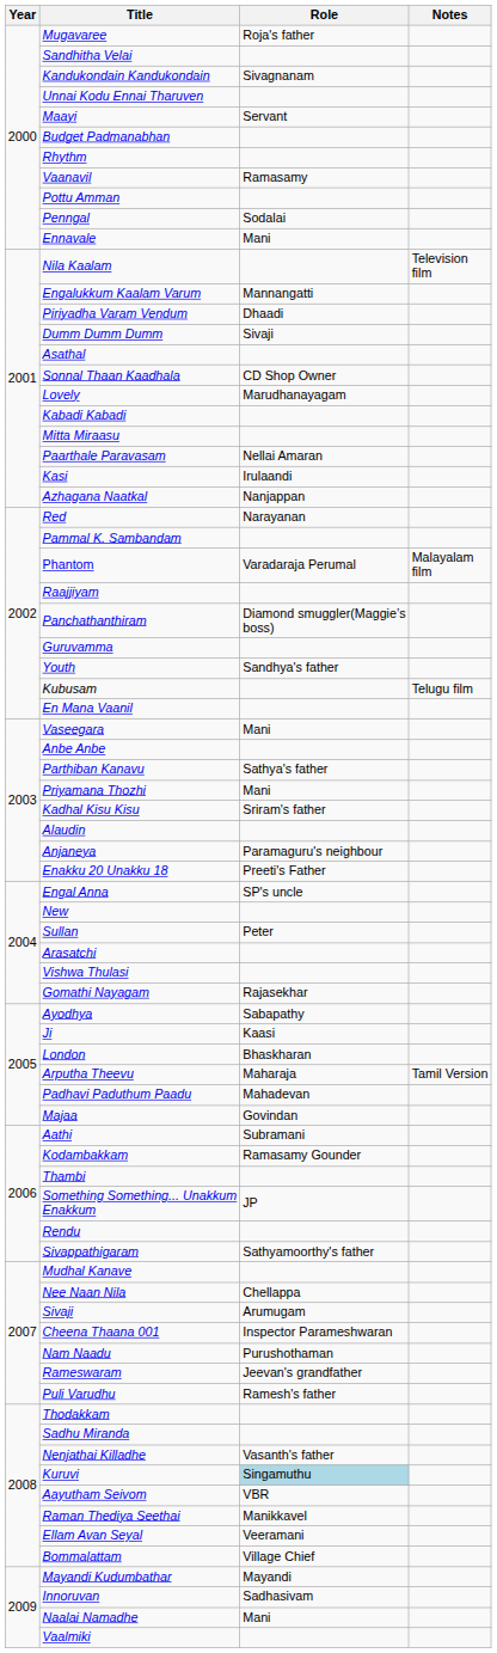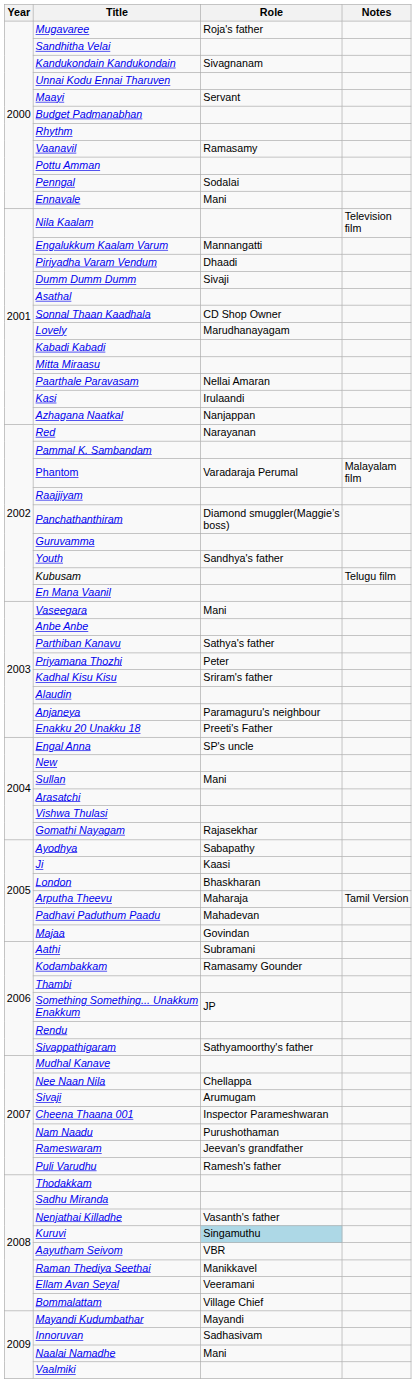 <table class="wikitable sortable plainrowheaders">
 <tr>
 <th scope="col">Year</th>
 <th scope="col">Title</th>
 <th scope="col">Role</th>
 <th scope="col" class="unsortable">Notes</th>
 </tr>
 <tr>
 <td rowspan="11">2000</td>
 <td><em><a href='#'>Mugavaree</a></em></td>
 <td>Roja's father</td>
 <td></td>
 </tr>
 <tr>
 <td><em><a href='#'>Sandhitha Velai</a></em></td>
 <td></td>
 <td></td>
 </tr>
 <tr>
 <td><em><a href='#'>Kandukondain Kandukondain</a></em></td>
 <td>Sivagnanam</td>
 <td></td>
 </tr>
 <tr>
 <td><em><a href='#'>Unnai Kodu Ennai Tharuven</a></em></td>
 <td></td>
 <td></td>
 </tr>
 <tr>
 <td><em><a href='#'>Maayi</a></em></td>
 <td>Servant</td>
 <td></td>
 </tr>
 <tr>
 <td><em><a href='#'>Budget Padmanabhan</a></em></td>
 <td></td>
 <td></td>
 </tr>
 <tr>
 <td><em><a href='#'>Rhythm</a></em></td>
 <td></td>
 <td></td>
 </tr>
 <tr>
 <td><em><a href='#'>Vaanavil</a></em></td>
 <td>Ramasamy</td>
 <td></td>
 </tr>
 <tr>
 <td><em><a href='#'>Pottu Amman</a></em></td>
 <td></td>
 <td></td>
 </tr>
 <tr>
 <td><em><a href='#'>Penngal</a></em></td>
 <td>Sodalai</td>
 <td></td>
 </tr>
 <tr>
 <td><em><a href='#'>Ennavale</a></em></td>
 <td>Mani</td>
 <td></td>
 </tr>
 <tr>
 <td rowspan="12">2001</td>
 <td><em><a href='#'>Nila Kaalam</a></em></td>
 <td></td>
 <td>Television film</td>
 </tr>
 <tr>
 <td><em><a href='#'>Engalukkum Kaalam Varum</a></em></td>
 <td>Mannangatti</td>
 <td></td>
 </tr>
 <tr>
 <td><em><a href='#'>Piriyadha Varam Vendum</a></em></td>
 <td>Dhaadi</td>
 <td></td>
 </tr>
 <tr>
 <td><em><a href='#'>Dumm Dumm Dumm</a></em></td>
 <td>Sivaji</td>
 <td></td>
 </tr>
 <tr>
 <td><em><a href='#'>Asathal</a></em></td>
 <td></td>
 <td></td>
 </tr>
 <tr>
 <td><em><a href='#'>Sonnal Thaan Kaadhala</a></em></td>
 <td>CD Shop Owner</td>
 <td></td>
 </tr>
 <tr>
 <td><em><a href='#'>Lovely</a></em></td>
 <td>Marudhanayagam</td>
 <td></td>
 </tr>
 <tr>
 <td><em><a href='#'>Kabadi Kabadi</a></em></td>
 <td></td>
 <td></td>
 </tr>
 <tr>
 <td><em><a href='#'>Mitta Miraasu</a></em></td>
 <td></td>
 <td></td>
 </tr>
 <tr>
 <td><em><a href='#'>Paarthale Paravasam</a></em></td>
 <td>Nellai Amaran</td>
 <td></td>
 </tr>
 <tr>
 <td><em><a href='#'>Kasi</a></em></td>
 <td>Irulaandi</td>
 <td></td>
 </tr>
 <tr>
 <td><em><a href='#'>Azhagana Naatkal</a></em></td>
 <td>Nanjappan</td>
 <td></td>
 </tr>
 <tr>
 <td rowspan="9">2002</td>
 <td><em><a href='#'>Red</a></em></td>
 <td>Narayanan</td>
 <td></td>
 </tr>
 <tr>
 <td><em><a href='#'>Pammal K. Sambandam</a></em></td>
 <td></td>
 <td></td>
 </tr>
 <tr>
 <td><em><a href='#'></em>Phantom<em></a></em></td>
 <td>Varadaraja Perumal</td>
 <td>Malayalam film</td>
 </tr>
 <tr>
 <td><em><a href='#'>Raajjiyam</a></em></td>
 <td></td>
 <td></td>
 </tr>
 <tr>
 <td><em><a href='#'>Panchathanthiram</a></em></td>
 <td>Diamond smuggler(Maggie’s boss)</td>
 <td></td>
 </tr>
 <tr>
 <td><em><a href='#'>Guruvamma</a></em></td>
 <td></td>
 <td></td>
 </tr>
 <tr>
 <td><em><a href='#'>Youth</a></em></td>
 <td>Sandhya's father</td>
 <td></td>
 </tr>
 <tr>
 <td><em>Kubusam</em></td>
 <td></td>
 <td>Telugu film</td>
 </tr>
 <tr>
 <td><em><a href='#'>En Mana Vaanil</a></em></td>
 <td></td>
 <td></td>
 </tr>
 <tr>
 <td rowspan="8">2003</td>
 <td><em><a href='#'>Vaseegara</a></em></td>
 <td>Mani</td>
 <td></td>
 </tr>
 <tr>
 <td><em><a href='#'>Anbe Anbe</a></em></td>
 <td></td>
 <td></td>
 </tr>
 <tr>
 <td><em><a href='#'>Parthiban Kanavu</a></em></td>
 <td>Sathya's father</td>
 <td></td>
 </tr>
 <tr>
 <td><em><a href='#'>Priyamana Thozhi</a></em></td>
-<td>Mani</td>
+<td>Peter</td>
 <td></td>
 </tr>
 <tr>
 <td><em><a href='#'>Kadhal Kisu Kisu</a></em></td>
 <td>Sriram's father</td>
 <td></td>
 </tr>
 <tr>
 <td><em><a href='#'>Alaudin</a></em></td>
 <td></td>
 <td></td>
 </tr>
 <tr>
 <td><em><a href='#'>Anjaneya</a></em></td>
 <td>Paramaguru's neighbour</td>
 <td></td>
 </tr>
 <tr>
 <td><em><a href='#'>Enakku 20 Unakku 18</a></em></td>
 <td>Preeti's Father</td>
 <td></td>
 </tr>
 <tr>
 <td rowspan="6">2004</td>
 <td><em><a href='#'>Engal Anna</a></em></td>
 <td>SP's uncle</td>
 <td></td>
 </tr>
 <tr>
 <td><em><a href='#'>New</a></em></td>
 <td></td>
 <td></td>
 </tr>
 <tr>
 <td><em><a href='#'>Sullan</a></em></td>
-<td>Peter</td>
+<td>Mani</td>
 <td></td>
 </tr>
 <tr>
 <td><em><a href='#'>Arasatchi</a></em></td>
 <td></td>
 <td></td>
 </tr>
 <tr>
 <td><em><a href='#'>Vishwa Thulasi</a></em></td>
 <td></td>
 <td></td>
 </tr>
 <tr>
 <td><em><a href='#'>Gomathi Nayagam</a></em></td>
 <td>Rajasekhar</td>
 <td></td>
 </tr>
 <tr>
 <td rowspan="6">2005</td>
 <td><em><a href='#'>Ayodhya</a></em></td>
 <td>Sabapathy</td>
 <td></td>
 </tr>
 <tr>
 <td><em><a href='#'>Ji</a></em></td>
 <td>Kaasi</td>
 <td></td>
 </tr>
 <tr>
 <td><em><a href='#'>London</a></em></td>
 <td>Bhaskharan</td>
 <td></td>
 </tr>
 <tr>
 <td><em><a href='#'>Arputha Theevu</a></em></td>
 <td>Maharaja</td>
 <td>Tamil Version</td>
 </tr>
 <tr>
 <td><em><a href='#'>Padhavi Paduthum Paadu</a></em></td>
 <td>Mahadevan</td>
 <td></td>
 </tr>
 <tr>
 <td><em><a href='#'>Majaa</a></em></td>
 <td>Govindan</td>
 <td></td>
 </tr>
 <tr>
 <td rowspan="6">2006</td>
 <td><em><a href='#'>Aathi</a></em></td>
 <td>Subramani</td>
 <td></td>
 </tr>
 <tr>
 <td><em><a href='#'>Kodambakkam</a></em></td>
 <td>Ramasamy Gounder</td>
 <td></td>
 </tr>
 <tr>
 <td><em><a href='#'>Thambi</a></em></td>
 <td></td>
 <td></td>
 </tr>
 <tr>
 <td><em><a href='#'>Something Something... Unakkum Enakkum</a></em></td>
 <td>JP</td>
 <td></td>
 </tr>
 <tr>
 <td><em><a href='#'>Rendu</a></em></td>
 <td></td>
 <td></td>
 </tr>
 <tr>
 <td><em><a href='#'>Sivappathigaram</a></em></td>
 <td>Sathyamoorthy's father</td>
 <td></td>
 </tr>
 <tr>
 <td rowspan="7">2007</td>
 <td><em><a href='#'>Mudhal Kanave</a></em></td>
 <td></td>
 <td></td>
 </tr>
 <tr>
 <td><em><a href='#'>Nee Naan Nila</a></em></td>
 <td>Chellappa</td>
 <td></td>
 </tr>
 <tr>
 <td><em><a href='#'>Sivaji</a></em></td>
 <td>Arumugam</td>
 <td></td>
 </tr>
 <tr>
 <td><em><a href='#'>Cheena Thaana 001</a></em></td>
 <td>Inspector Parameshwaran</td>
 <td></td>
 </tr>
 <tr>
 <td><em><a href='#'>Nam Naadu</a></em></td>
 <td>Purushothaman</td>
 <td></td>
 </tr>
 <tr>
 <td><em><a href='#'>Rameswaram</a></em></td>
 <td>Jeevan's grandfather</td>
 <td></td>
 </tr>
 <tr>
 <td><em><a href='#'>Puli Varudhu</a></em></td>
 <td>Ramesh's father</td>
 <td></td>
 </tr>
 <tr>
 <td rowspan="8">2008</td>
 <td><em><a href='#'>Thodakkam</a></em></td>
 <td></td>
 <td></td>
 </tr>
 <tr>
 <td><em><a href='#'>Sadhu Miranda</a></em></td>
 <td></td>
 <td></td>
 </tr>
 <tr>
 <td><em><a href='#'>Nenjathai Killadhe</a></em></td>
 <td>Vasanth's father</td>
 <td></td>
 </tr>
 <tr>
 <td><em><a href='#'>Kuruvi</a></em></td>
 <td style="background: lightblue;">Singamuthu</td>
 <td></td>
 </tr>
 <tr>
 <td><em><a href='#'>Aayutham Seivom</a></em></td>
 <td>VBR</td>
 <td></td>
 </tr>
 <tr>
 <td><em><a href='#'>Raman Thediya Seethai</a></em></td>
 <td>Manikkavel</td>
 <td></td>
 </tr>
 <tr>
 <td><em><a href='#'>Ellam Avan Seyal</a></em></td>
 <td>Veeramani</td>
 <td></td>
 </tr>
 <tr>
 <td><em><a href='#'>Bommalattam</a></em></td>
 <td>Village Chief</td>
 <td></td>
 </tr>
 <tr>
 <td rowspan="4">2009</td>
 <td><em><a href='#'>Mayandi Kudumbathar</a></em></td>
 <td>Mayandi</td>
 <td></td>
 </tr>
 <tr>
 <td><em><a href='#'>Innoruvan</a></em></td>
 <td>Sadhasivam</td>
 <td></td>
 </tr>
 <tr>
 <td><em><a href='#'>Naalai Namadhe</a></em></td>
 <td>Mani</td>
 <td></td>
 </tr>
 <tr>
 <td><em><a href='#'>Vaalmiki</a></em></td>
 <td></td>
 <td></td>
 </tr>
 </table>
